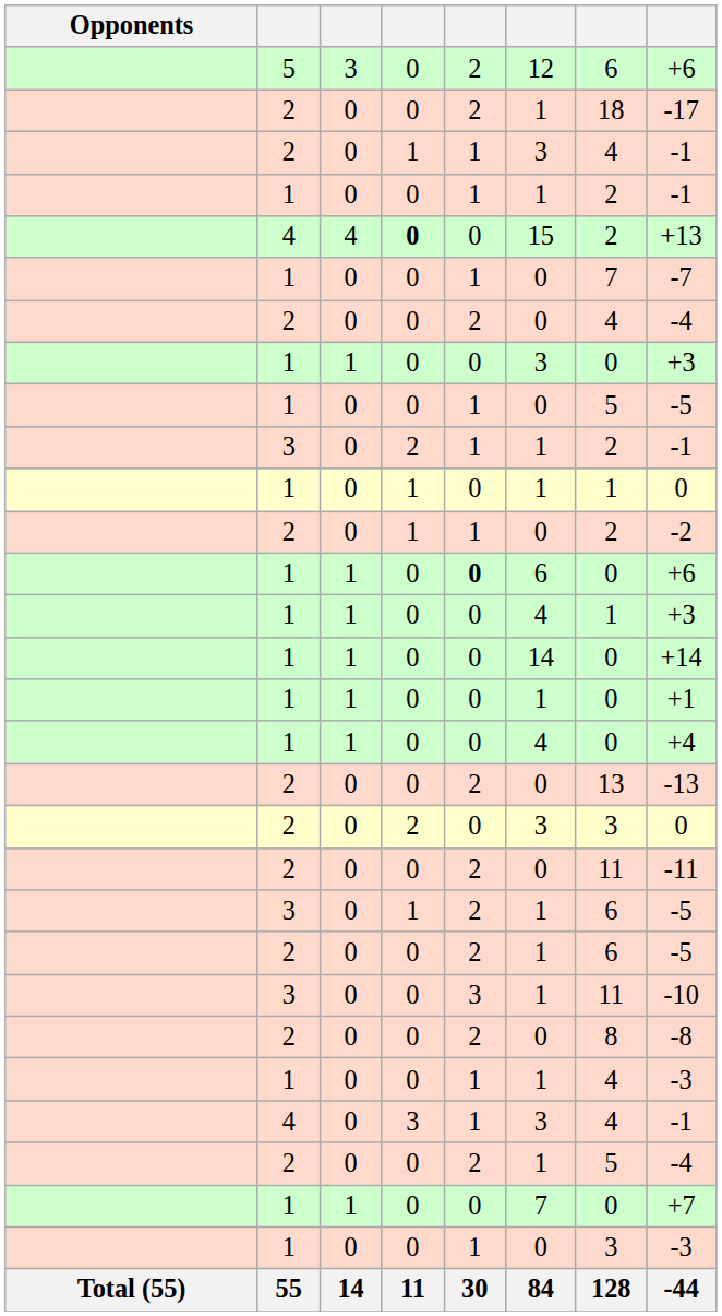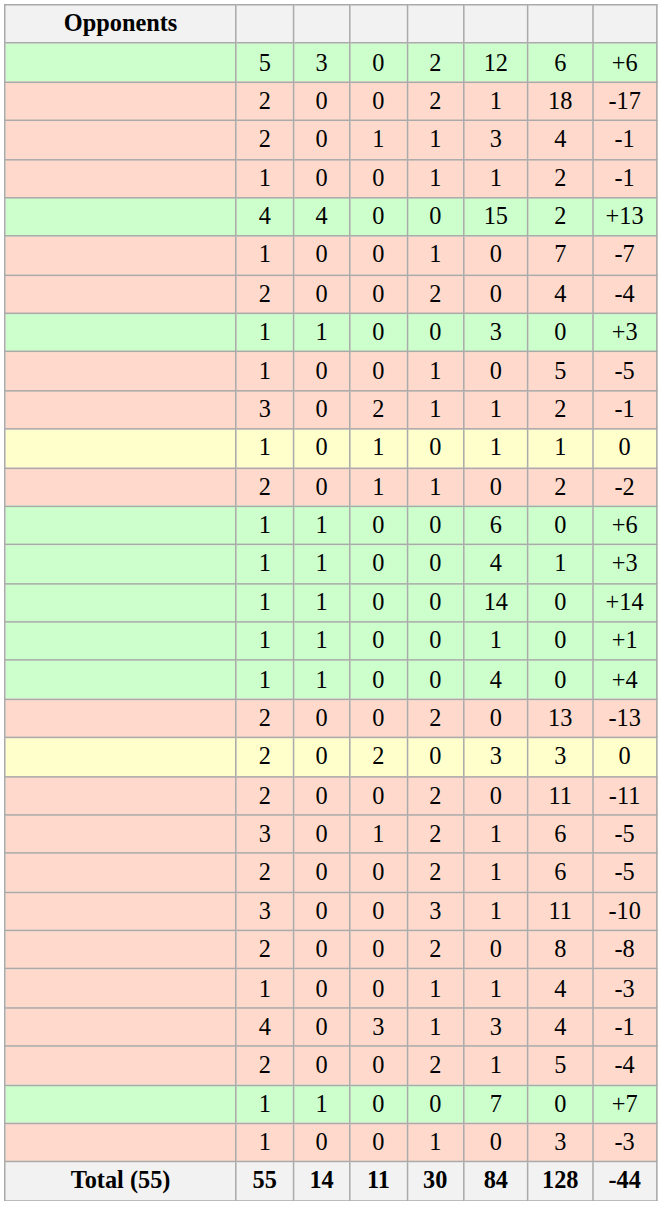 <table class="wikitable sortable" style="text-align: center; font-size: 100%;">
 <tr style="color:black;">
 <th style="width:145px;">Opponents</th>
 <th width=30></th>
 <th width=30></th>
 <th width=30></th>
 <th width=30></th>
 <th width=35></th>
 <th width=35></th>
 <th width=35></th>
 </tr>
 <tr bgcolor="#CCFFCC">
 <td style="text-align: left;"></td>
 <td>5</td>
 <td>3</td>
 <td>0</td>
 <td>2</td>
 <td>12</td>
 <td>6</td>
 <td>+6</td>
 </tr>
 <tr bgcolor="#FFDACC">
 <td style="text-align: left;"></td>
 <td>2</td>
 <td>0</td>
 <td>0</td>
 <td>2</td>
 <td>1</td>
 <td>18</td>
 <td>-17</td>
 </tr>
 <tr bgcolor="#FFDACC">
 <td style="text-align: left;"></td>
 <td>2</td>
 <td>0</td>
 <td>1</td>
 <td>1</td>
 <td>3</td>
 <td>4</td>
 <td>-1</td>
 </tr>
 <tr bgcolor="#FFDACC">
 <td style="text-align: left;"></td>
 <td>1</td>
 <td>0</td>
 <td>0</td>
 <td>1</td>
 <td>1</td>
 <td>2</td>
 <td>-1</td>
 </tr>
 <tr bgcolor="#CCFFCC">
 <td style="text-align: left;"></td>
 <td>4</td>
 <td>4</td>
-<td><strong>0</strong></td>
+<td>0</td>
 <td>0</td>
 <td>15</td>
 <td>2</td>
 <td>+13</td>
 </tr>
 <tr bgcolor="#FFDACC">
 <td style="text-align: left;"></td>
 <td>1</td>
 <td>0</td>
 <td>0</td>
 <td>1</td>
 <td>0</td>
 <td>7</td>
 <td>-7</td>
 </tr>
 <tr bgcolor="#FFDACC">
 <td style="text-align: left;"></td>
 <td>2</td>
 <td>0</td>
 <td>0</td>
 <td>2</td>
 <td>0</td>
 <td>4</td>
 <td>-4</td>
 </tr>
 <tr bgcolor="#CCFFCC">
 <td style="text-align: left;"></td>
 <td>1</td>
 <td>1</td>
 <td>0</td>
 <td>0</td>
 <td>3</td>
 <td>0</td>
 <td>+3</td>
 </tr>
 <tr bgcolor="#FFDACC">
 <td style="text-align: left;"></td>
 <td>1</td>
 <td>0</td>
 <td>0</td>
 <td>1</td>
 <td>0</td>
 <td>5</td>
 <td>-5</td>
 </tr>
 <tr bgcolor="#FFDACC">
 <td style="text-align: left;"></td>
 <td>3</td>
 <td>0</td>
 <td>2</td>
 <td>1</td>
 <td>1</td>
 <td>2</td>
 <td>-1</td>
 </tr>
 <tr bgcolor="#FFFFCC">
 <td style="text-align: left;"></td>
 <td>1</td>
 <td>0</td>
 <td>1</td>
 <td>0</td>
 <td>1</td>
 <td>1</td>
 <td>0</td>
 </tr>
 <tr bgcolor="#FFDACC">
 <td style="text-align: left;"></td>
 <td>2</td>
 <td>0</td>
 <td>1</td>
 <td>1</td>
 <td>0</td>
 <td>2</td>
 <td>-2</td>
 </tr>
 <tr bgcolor="#CCFFCC">
 <td style="text-align: left;"></td>
 <td>1</td>
 <td>1</td>
 <td>0</td>
-<td><strong>0</strong></td>
+<td>0</td>
 <td>6</td>
 <td>0</td>
 <td>+6</td>
 </tr>
 <tr bgcolor="#CCFFCC">
 <td style="text-align: left;"></td>
 <td>1</td>
 <td>1</td>
 <td>0</td>
 <td>0</td>
 <td>4</td>
 <td>1</td>
 <td>+3</td>
 </tr>
 <tr bgcolor="#CCFFCC">
 <td style="text-align: left;"></td>
 <td>1</td>
 <td>1</td>
 <td>0</td>
 <td>0</td>
 <td>14</td>
 <td>0</td>
 <td>+14</td>
 </tr>
 <tr bgcolor="#CCFFCC">
 <td style="text-align: left;"></td>
 <td>1</td>
 <td>1</td>
 <td>0</td>
 <td>0</td>
 <td>1</td>
 <td>0</td>
 <td>+1</td>
 </tr>
 <tr bgcolor="#CCFFCC">
 <td style="text-align: left;"></td>
 <td>1</td>
 <td>1</td>
 <td>0</td>
 <td>0</td>
 <td>4</td>
 <td>0</td>
 <td>+4</td>
 </tr>
 <tr bgcolor="#FFDACC">
 <td style="text-align: left;"></td>
 <td>2</td>
 <td>0</td>
 <td>0</td>
 <td>2</td>
 <td>0</td>
 <td>13</td>
 <td>-13</td>
 </tr>
 <tr bgcolor="#FFFFCC">
 <td style="text-align: left;"></td>
 <td>2</td>
 <td>0</td>
 <td>2</td>
 <td>0</td>
 <td>3</td>
 <td>3</td>
 <td>0</td>
 </tr>
 <tr bgcolor="#FFDACC">
 <td style="text-align: left;"></td>
 <td>2</td>
 <td>0</td>
 <td>0</td>
 <td>2</td>
 <td>0</td>
 <td>11</td>
 <td>-11</td>
 </tr>
 <tr bgcolor="#FFDACC">
 <td style="text-align: left;"></td>
 <td>3</td>
 <td>0</td>
 <td>1</td>
 <td>2</td>
 <td>1</td>
 <td>6</td>
 <td>-5</td>
 </tr>
 <tr bgcolor="#FFDACC">
 <td style="text-align: left;"></td>
 <td>2</td>
 <td>0</td>
 <td>0</td>
 <td>2</td>
 <td>1</td>
 <td>6</td>
 <td>-5</td>
 </tr>
 <tr bgcolor="#FFDACC">
 <td style="text-align: left;"></td>
 <td>3</td>
 <td>0</td>
 <td>0</td>
 <td>3</td>
 <td>1</td>
 <td>11</td>
 <td>-10</td>
 </tr>
 <tr bgcolor="#FFDACC">
 <td style="text-align: left;"></td>
 <td>2</td>
 <td>0</td>
 <td>0</td>
 <td>2</td>
 <td>0</td>
 <td>8</td>
 <td>-8</td>
 </tr>
 <tr bgcolor="#FFDACC">
 <td style="text-align: left;"></td>
 <td>1</td>
 <td>0</td>
 <td>0</td>
 <td>1</td>
 <td>1</td>
 <td>4</td>
 <td>-3</td>
 </tr>
 <tr bgcolor="#FFDACC">
 <td style="text-align: left;"></td>
 <td>4</td>
 <td>0</td>
 <td>3</td>
 <td>1</td>
 <td>3</td>
 <td>4</td>
 <td>-1</td>
 </tr>
 <tr bgcolor="#FFDACC">
 <td style="text-align: left;"></td>
 <td>2</td>
 <td>0</td>
 <td>0</td>
 <td>2</td>
 <td>1</td>
 <td>5</td>
 <td>-4</td>
 </tr>
 <tr bgcolor="#CCFFCC">
 <td style="text-align: left;"></td>
 <td>1</td>
 <td>1</td>
 <td>0</td>
 <td>0</td>
 <td>7</td>
 <td>0</td>
 <td>+7</td>
 </tr>
 <tr bgcolor="#FFDACC">
 <td style="text-align: left;"></td>
 <td>1</td>
 <td>0</td>
 <td>0</td>
 <td>1</td>
 <td>0</td>
 <td>3</td>
 <td>-3</td>
 </tr>
 <tr>
 <th>Total (55)</th>
 <th>55</th>
 <th>14</th>
 <th>11</th>
 <th>30</th>
 <th>84</th>
 <th>128</th>
 <th>-44</th>
 </tr>
 </table>
